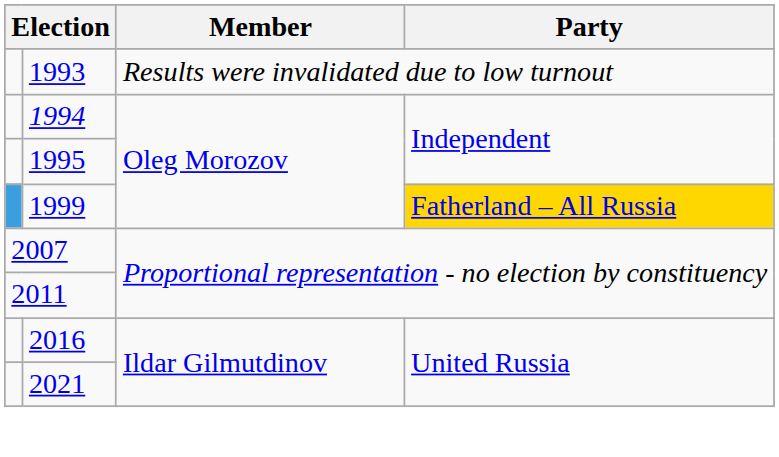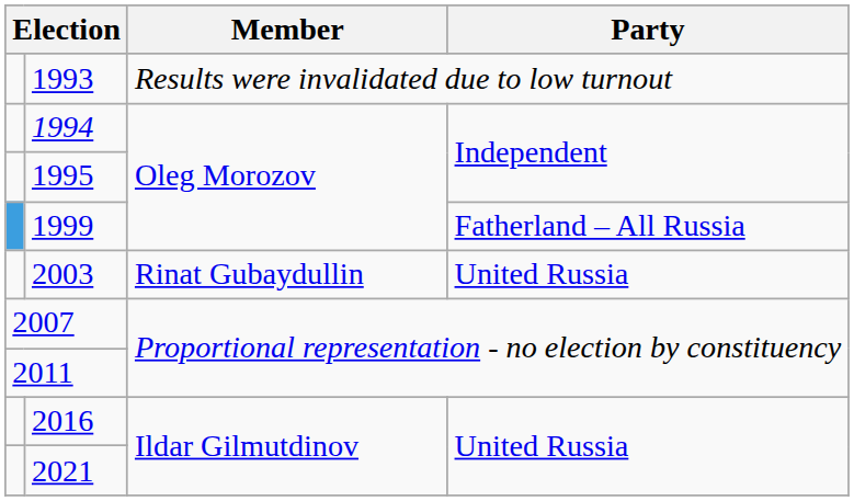 <table class="wikitable">
 <tr>
 <th colspan="2">Election</th>
 <th>Member</th>
 <th>Party</th>
 </tr>
 <tr>
 <td style="background-color:"></td>
 <td><a href='#'>1993</a></td>
 <td colspan=2><em>Results were invalidated due to low turnout</em></td>
 </tr>
 <tr>
 <td style="background-color:"></td>
 <td><em><a href='#'>1994</a></em></td>
 <td rowspan=3><a href='#'>Oleg Morozov</a></td>
 <td rowspan=2><a href='#'>Independent</a></td>
 </tr>
 <tr>
 <td style="background-color:"></td>
 <td><a href='#'>1995</a></td>
 </tr>
 <tr>
 <td style="background-color:#3B9EDF"></td>
 <td><a href='#'>1999</a></td>
-<td style="background: gold;"><a href='#'>Fatherland – All Russia</a></td>
+<td><a href='#'>Fatherland – All Russia</a></td>
+</tr>
+<tr>
+<td style="background-color:"></td>
+<td><a href='#'>2003</a></td>
+<td><a href='#'>Rinat Gubaydullin</a></td>
+<td><a href='#'>United Russia</a></td>
 </tr>
 <tr>
 <td colspan=2><a href='#'>2007</a></td>
 <td colspan=2 rowspan=2><em><a href='#'>Proportional representation</a> - no election by constituency</em></td>
 </tr>
 <tr>
 <td colspan=2><a href='#'>2011</a></td>
 </tr>
 <tr>
 <td style="background-color: "></td>
 <td><a href='#'>2016</a></td>
 <td rowspan=2><a href='#'>Ildar Gilmutdinov</a></td>
 <td rowspan=2><a href='#'>United Russia</a></td>
 </tr>
 <tr>
 <td style="background-color: "></td>
 <td><a href='#'>2021</a></td>
 </tr>
 </table>
